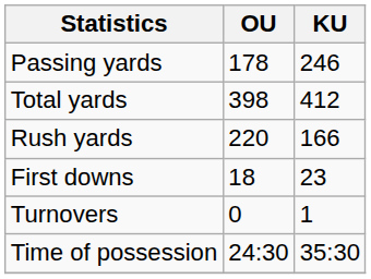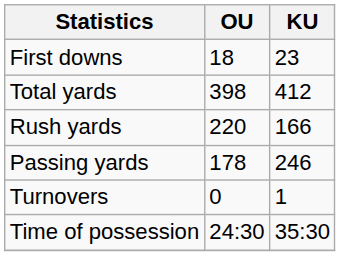 <table class="wikitable" style="float: left;">
 <tr>
 <th>Statistics</th>
 <th>OU</th>
 <th>KU</th>
 </tr>
 <tr>
-<td>Passing yards</td>
-<td>178</td>
-<td>246</td>
+<td>First downs</td>
+<td>18</td>
+<td>23</td>
 </tr>
 <tr>
 <td>Total yards</td>
 <td>398</td>
 <td>412</td>
 </tr>
 <tr>
 <td>Rush yards</td>
 <td>220</td>
 <td>166</td>
 </tr>
 <tr>
-<td>First downs</td>
-<td>18</td>
-<td>23</td>
+<td>Passing yards</td>
+<td>178</td>
+<td>246</td>
 </tr>
 <tr>
 <td>Turnovers</td>
 <td>0</td>
 <td>1</td>
 </tr>
 <tr>
 <td>Time of possession</td>
 <td>24:30</td>
 <td>35:30</td>
 </tr>
 <tr>
 </tr>
 </table>
